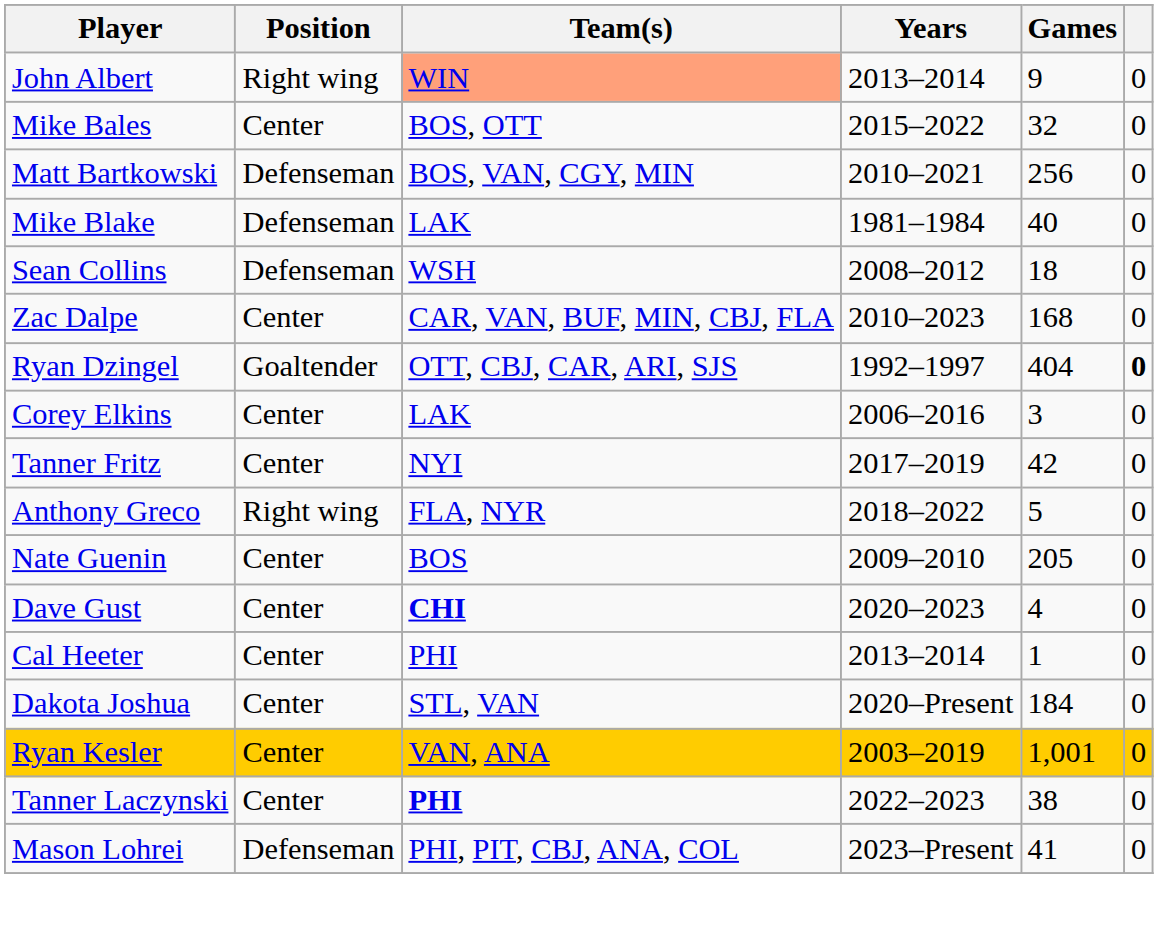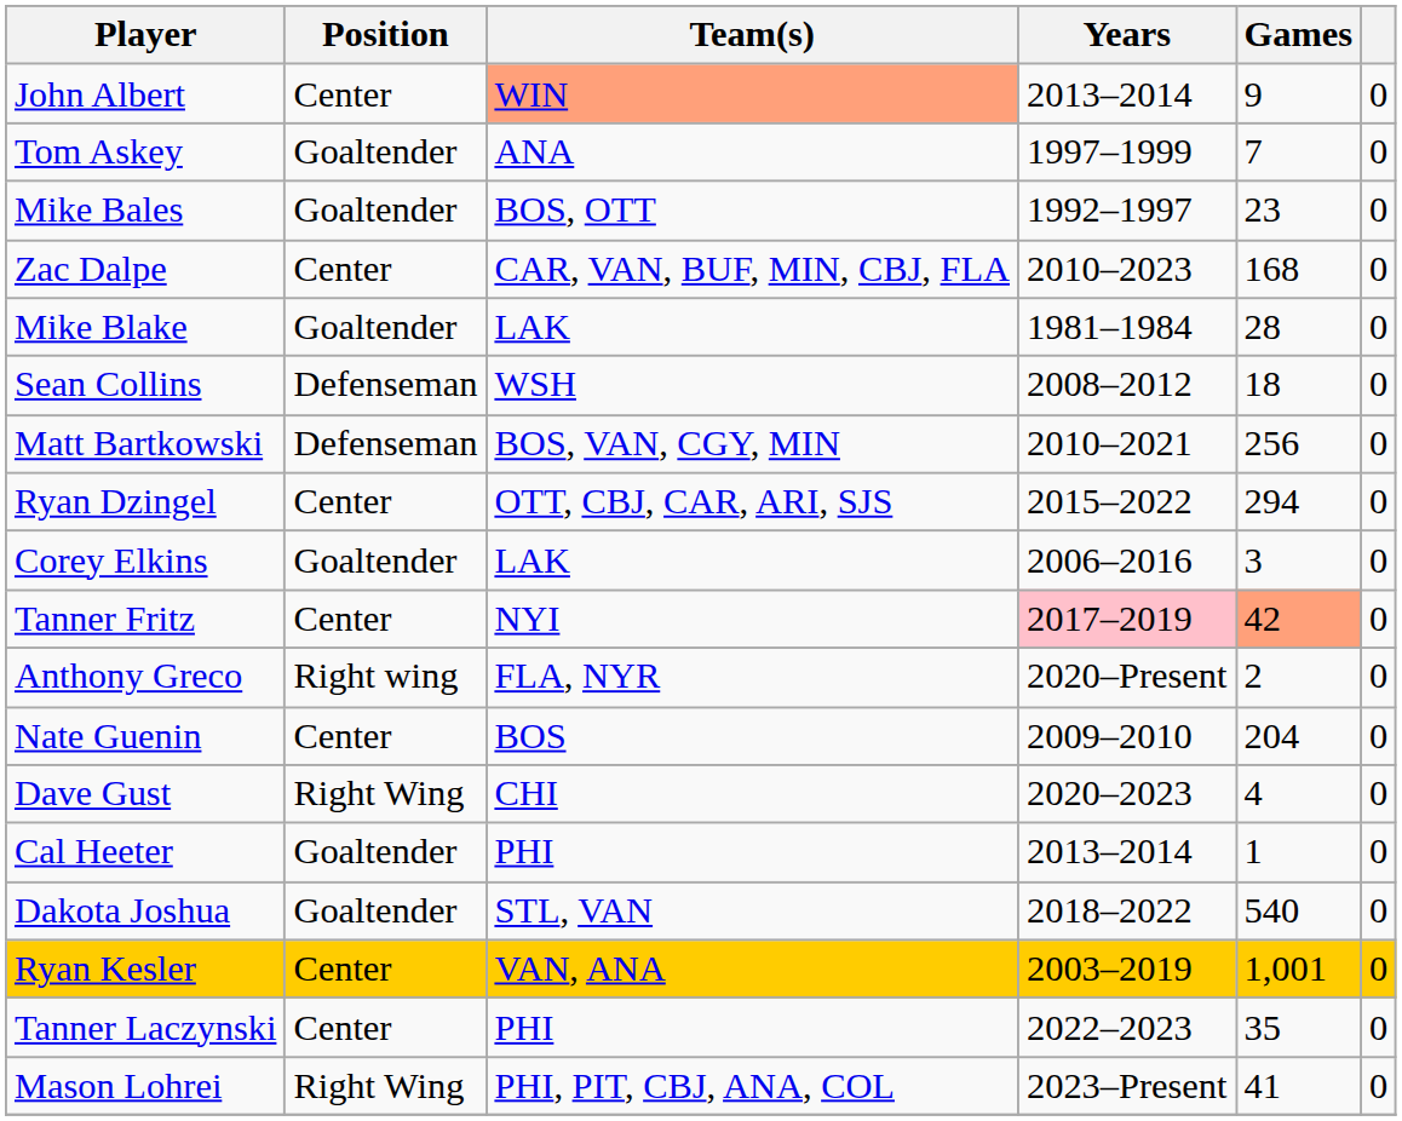 <table class="wikitable sortable">
 <tr>
 <th>Player</th>
 <th>Position</th>
 <th>Team(s)</th>
 <th>Years</th>
 <th>Games</th>
 <th><a href='#'></a></th>
 </tr>
 <tr>
 <td><a href='#'>John Albert</a></td>
-<td>Right wing</td>
+<td>Center</td>
 <td style="background: lightsalmon;"><a href='#'>WIN</a></td>
 <td>2013–2014</td>
 <td>9</td>
 <td>0</td>
 </tr>
 <tr>
+<td><a href='#'>Tom Askey</a></td>
+<td>Goaltender</td>
+<td><a href='#'>ANA</a></td>
+<td>1997–1999</td>
+<td>7</td>
+<td>0</td>
+</tr>
+<tr>
 <td><a href='#'>Mike Bales</a></td>
+<td>Goaltender</td>
+<td><a href='#'>BOS</a>, <a href='#'>OTT</a></td>
+<td>1992–1997</td>
+<td>23</td>
+<td>0</td>
+</tr>
+<tr>
+<td><a href='#'>Zac Dalpe</a></td>
 <td>Center</td>
-<td><a href='#'>BOS</a>, <a href='#'>OTT</a></td>
-<td>2015–2022</td>
-<td>32</td>
+<td><a href='#'>CAR</a>, <a href='#'>VAN</a>, <a href='#'>BUF</a>, <a href='#'>MIN</a>, <a href='#'>CBJ</a>, <a href='#'>FLA</a></td>
+<td>2010–2023</td>
+<td>168</td>
+<td>0</td>
+</tr>
+<tr>
+<td><a href='#'>Mike Blake</a></td>
+<td>Goaltender</td>
+<td><a href='#'>LAK</a></td>
+<td>1981–1984</td>
+<td>28</td>
+<td>0</td>
+</tr>
+<tr>
+<td><a href='#'>Sean Collins</a></td>
+<td>Defenseman</td>
+<td><a href='#'>WSH</a></td>
+<td>2008–2012</td>
+<td>18</td>
 <td>0</td>
 </tr>
 <tr>
 <td><a href='#'>Matt Bartkowski</a></td>
 <td>Defenseman</td>
 <td><a href='#'>BOS</a>, <a href='#'>VAN</a>, <a href='#'>CGY</a>, <a href='#'>MIN</a></td>
 <td>2010–2021</td>
 <td>256</td>
 <td>0</td>
 </tr>
 <tr>
-<td><a href='#'>Mike Blake</a></td>
-<td>Defenseman</td>
-<td><a href='#'>LAK</a></td>
-<td>1981–1984</td>
-<td>40</td>
+<td><a href='#'>Ryan Dzingel</a></td>
+<td>Center</td>
+<td><a href='#'>OTT</a>, <a href='#'>CBJ</a>, <a href='#'>CAR</a>, <a href='#'>ARI</a>, <a href='#'>SJS</a></td>
+<td>2015–2022</td>
+<td>294</td>
 <td>0</td>
 </tr>
 <tr>
-<td><a href='#'>Sean Collins</a></td>
-<td>Defenseman</td>
-<td><a href='#'>WSH</a></td>
-<td>2008–2012</td>
-<td>18</td>
-<td>0</td>
-</tr>
-<tr>
-<td><a href='#'>Zac Dalpe</a></td>
-<td>Center</td>
-<td><a href='#'>CAR</a>, <a href='#'>VAN</a>, <a href='#'>BUF</a>, <a href='#'>MIN</a>, <a href='#'>CBJ</a>, <a href='#'>FLA</a></td>
-<td>2010–2023</td>
-<td>168</td>
-<td>0</td>
-</tr>
-<tr>
-<td><a href='#'>Ryan Dzingel</a></td>
+<td><a href='#'>Corey Elkins</a></td>
 <td>Goaltender</td>
-<td><a href='#'>OTT</a>, <a href='#'>CBJ</a>, <a href='#'>CAR</a>, <a href='#'>ARI</a>, <a href='#'>SJS</a></td>
-<td>1992–1997</td>
-<td>404</td>
-<td><strong>0</strong></td>
-</tr>
-<tr>
-<td><a href='#'>Corey Elkins</a></td>
-<td>Center</td>
 <td><a href='#'>LAK</a></td>
 <td>2006–2016</td>
 <td>3</td>
 <td>0</td>
 </tr>
 <tr>
 <td><a href='#'>Tanner Fritz</a></td>
 <td>Center</td>
 <td><a href='#'>NYI</a></td>
-<td>2017–2019</td>
-<td>42</td>
+<td style="background: pink;">2017–2019</td>
+<td style="background: lightsalmon;">42</td>
 <td>0</td>
 </tr>
 <tr>
 <td><a href='#'>Anthony Greco</a></td>
 <td>Right wing</td>
 <td><a href='#'>FLA</a>, <a href='#'>NYR</a></td>
-<td>2018–2022</td>
-<td>5</td>
+<td>2020–Present</td>
+<td>2</td>
 <td>0</td>
 </tr>
 <tr>
 <td><a href='#'>Nate Guenin</a></td>
 <td>Center</td>
 <td><a href='#'>BOS</a></td>
 <td>2009–2010</td>
-<td>205</td>
+<td>204</td>
 <td>0</td>
 </tr>
 <tr>
 <td><a href='#'>Dave Gust</a></td>
-<td>Center</td>
-<td><strong><a href='#'>CHI</a></strong></td>
+<td>Right Wing</td>
+<td><a href='#'>CHI</a></td>
 <td>2020–2023</td>
 <td>4</td>
 <td>0</td>
 </tr>
 <tr>
 <td><a href='#'>Cal Heeter</a></td>
-<td>Center</td>
+<td>Goaltender</td>
 <td><a href='#'>PHI</a></td>
 <td>2013–2014</td>
 <td>1</td>
 <td>0</td>
 </tr>
 <tr>
 <td><a href='#'>Dakota Joshua</a></td>
-<td>Center</td>
+<td>Goaltender</td>
 <td><a href='#'>STL</a>, <a href='#'>VAN</a></td>
-<td>2020–Present</td>
-<td>184</td>
+<td>2018–2022</td>
+<td>540</td>
 <td>0</td>
 </tr>
 <tr bgcolor=#FFCC00>
 <td><a href='#'>Ryan Kesler</a></td>
 <td>Center</td>
 <td><a href='#'>VAN</a>, <a href='#'>ANA</a></td>
 <td>2003–2019</td>
 <td>1,001</td>
 <td>0</td>
 </tr>
 <tr>
 <td><a href='#'>Tanner Laczynski</a></td>
 <td>Center</td>
-<td><strong><a href='#'>PHI</a></strong></td>
+<td><a href='#'>PHI</a></td>
 <td>2022–2023</td>
-<td>38</td>
+<td>35</td>
 <td>0</td>
 </tr>
 <tr>
 <td><a href='#'>Mason Lohrei</a></td>
-<td>Defenseman</td>
+<td>Right Wing</td>
 <td><a href='#'>PHI</a>, <a href='#'>PIT</a>, <a href='#'>CBJ</a>, <a href='#'>ANA</a>, <a href='#'>COL</a></td>
 <td>2023–Present</td>
 <td>41</td>
 <td>0</td>
 </tr>
 <tr>
 </tr>
 </table>
